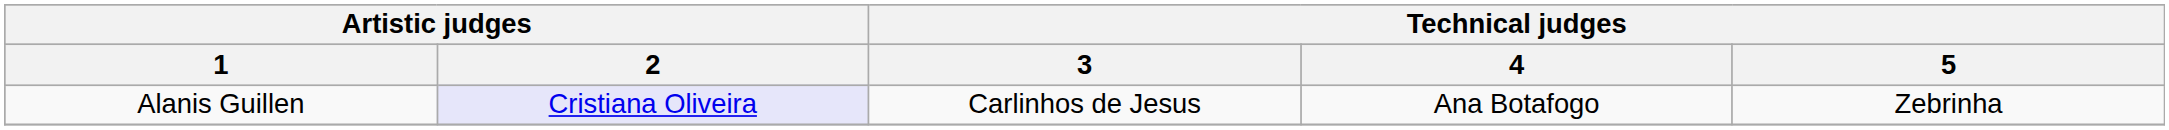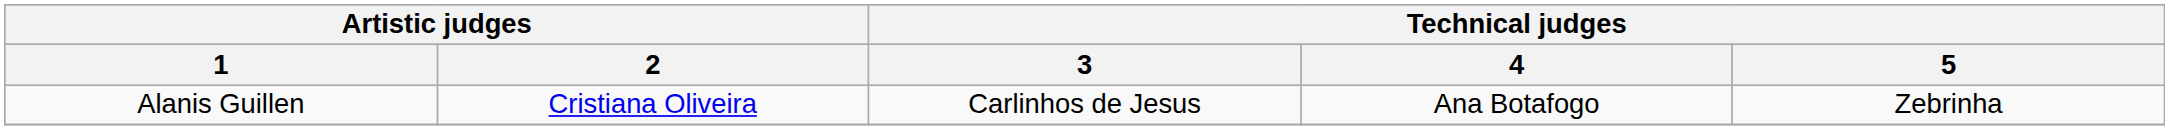 <table class="wikitable" style="font-size:100%; line-height:16px; text-align:center" width="100%">
 <tr>
 <th colspan=2>Artistic judges</th>
 <th colspan=3>Technical judges</th>
 </tr>
 <tr>
 <th width="20.0%">1</th>
 <th width="20.0%">2</th>
 <th width="20.0%">3</th>
 <th width="20.0%">4</th>
 <th width="20.0%">5</th>
 </tr>
 <tr>
 <td>Alanis Guillen</td>
-<td style="background: lavender;"><a href='#'>Cristiana Oliveira</a></td>
+<td><a href='#'>Cristiana Oliveira</a></td>
 <td>Carlinhos de Jesus</td>
 <td>Ana Botafogo</td>
 <td>Zebrinha</td>
 </tr>
 <tr>
 </tr>
 </table>
